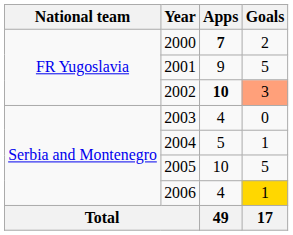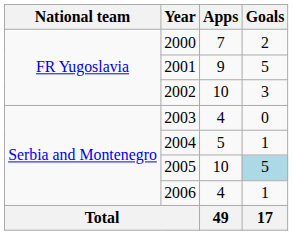 <table class="wikitable" style="text-align:center">
 <tr>
 <th>National team</th>
 <th>Year</th>
 <th>Apps</th>
 <th>Goals</th>
 </tr>
 <tr>
 <td rowspan="3"><a href='#'>FR Yugoslavia</a></td>
 <td>2000</td>
-<td><strong>7</strong></td>
+<td>7</td>
 <td>2</td>
 </tr>
 <tr>
 <td>2001</td>
 <td>9</td>
 <td>5</td>
 </tr>
 <tr>
 <td>2002</td>
-<td><strong>10</strong></td>
-<td style="background: lightsalmon;">3</td>
+<td>10</td>
+<td>3</td>
 </tr>
 <tr>
 <td rowspan="4"><a href='#'>Serbia and Montenegro</a></td>
 <td>2003</td>
 <td>4</td>
 <td>0</td>
 </tr>
 <tr>
 <td>2004</td>
 <td>5</td>
 <td>1</td>
 </tr>
 <tr>
 <td>2005</td>
 <td>10</td>
-<td>5</td>
+<td style="background: lightblue;">5</td>
 </tr>
 <tr>
 <td>2006</td>
 <td>4</td>
-<td style="background: gold;">1</td>
+<td>1</td>
 </tr>
 <tr>
 <th colspan="2">Total</th>
 <th>49</th>
 <th>17</th>
 </tr>
 </table>
